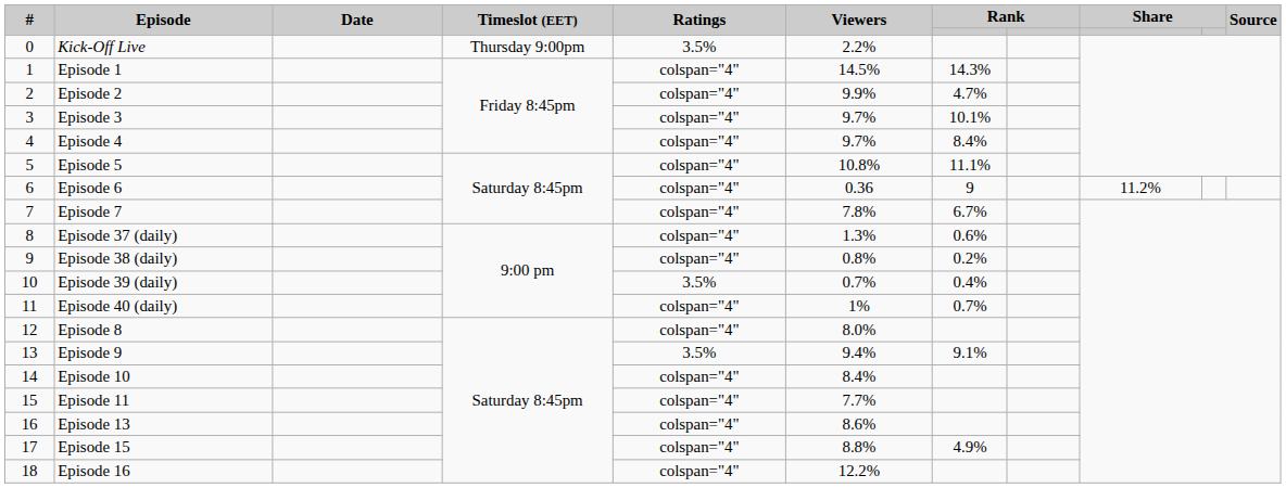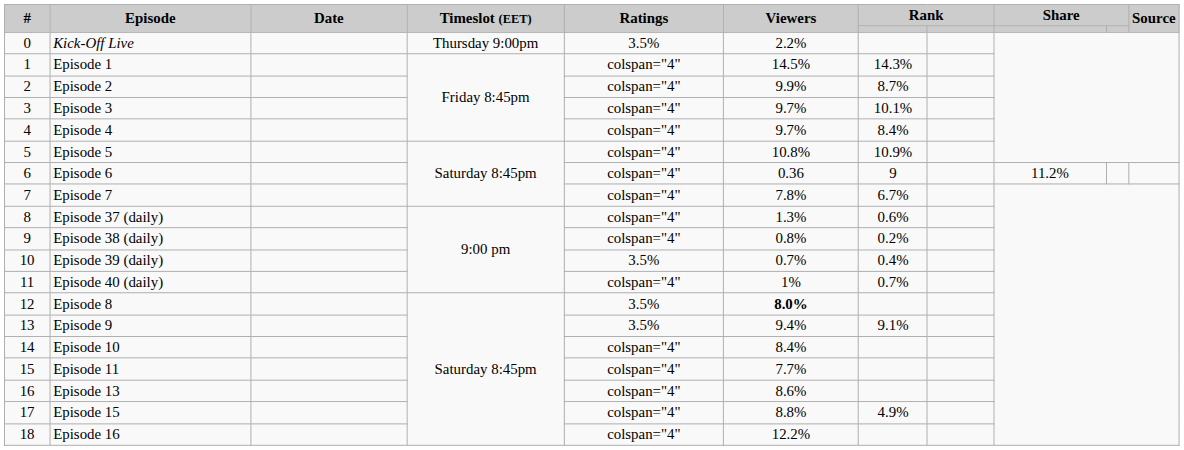 <table class="wikitable" style="text-align:center; background:#f9f9f9; line-height:16px;" width="100%">
 <tr>
 <th style="background:#ccc; color:#yyy;" rowspan="2" width="04%">#</th>
 <th style="background:#ccc; color:#yyy;" rowspan="2" width="18%">Episode</th>
 <th style="background:#ccc; color:#yyy;" rowspan="2" width="14%">Date</th>
 <th style="background:#ccc; color:#yyy;" rowspan="2" width="14%">Timeslot <small>(EET)</small></th>
 <th style="background:#ccc; color:#yyy;" rowspan="2" width="14%">Ratings</th>
 <th style="background:#ccc; color:#yyy;" rowspan="2" width="12%">Viewers<br><small></small></th>
 <th style="background:#ccc; color:#yyy;" colspan="2" width="12%">Rank</th>
 <th style="background:#ccc; color:#yyy;" colspan="2" width="20%">Share</th>
 <th style="background:#ccc; color:#yyy;" rowspan="2" width="05%">Source</th>
 </tr>
 <tr style="font-size:85%;">
 <th style="background:#ccc; color:#yyy;" width="06%"></th>
 <th style="background:#ccc; color:#yyy;" width="06%"></th>
 <th style="background:#ccc; color:#yyy;" width="10%"></th>
 <th style="background:#ccc; color:#yyy;" width="10%"></th>
 </tr>
 <tr>
 <td>0</td>
 <td style="text-align:left"><em>Kick-Off Live</em></td>
 <td></td>
 <td>Thursday 9:00pm</td>
 <td>3.5%</td>
 <td>2.2%</td>
 <td></td>
 <td></td>
 </tr>
 <tr>
 <td>1</td>
 <td style="text-align:left">Episode 1</td>
 <td></td>
 <td rowspan="4">Friday 8:45pm</td>
 <td>colspan="4" </td>
 <td>14.5%</td>
 <td>14.3%</td>
 <td></td>
 </tr>
 <tr>
 <td>2</td>
 <td style="text-align:left">Episode 2</td>
 <td></td>
 <td>colspan="4" </td>
 <td>9.9%</td>
-<td>4.7%</td>
+<td>8.7%</td>
 <td></td>
 </tr>
 <tr>
 <td>3</td>
 <td style="text-align:left">Episode 3</td>
 <td></td>
 <td>colspan="4" </td>
 <td>9.7%</td>
 <td>10.1%</td>
 <td></td>
 </tr>
 <tr>
 <td>4</td>
 <td style="text-align:left">Episode 4</td>
 <td></td>
 <td>colspan="4" </td>
 <td>9.7%</td>
 <td>8.4%</td>
 <td></td>
 </tr>
 <tr>
 <td>5</td>
 <td style="text-align:left">Episode 5</td>
 <td></td>
 <td rowspan="3">Saturday 8:45pm</td>
 <td>colspan="4" </td>
 <td>10.8%</td>
-<td>11.1%</td>
+<td>10.9%</td>
 <td></td>
 </tr>
 <tr>
 <td>6</td>
 <td style="text-align:left">Episode 6</td>
 <td></td>
 <td>colspan="4" </td>
 <td>0.36</td>
 <td>9</td>
 <td></td>
 <td>11.2%</td>
 <td></td>
 <td></td>
 </tr>
 <tr>
 <td>7</td>
 <td style="text-align:left">Episode 7</td>
 <td></td>
 <td>colspan="4" </td>
 <td>7.8%</td>
 <td>6.7%</td>
 <td></td>
 </tr>
 <tr>
 <td>8</td>
 <td style="text-align:left">Episode 37 (daily)</td>
 <td></td>
 <td rowspan="4">9:00 pm</td>
 <td>colspan="4" </td>
 <td>1.3%</td>
 <td>0.6%</td>
 <td></td>
 </tr>
 <tr>
 <td>9</td>
 <td style="text-align:left">Episode 38 (daily)</td>
 <td></td>
 <td>colspan="4" </td>
 <td>0.8%</td>
 <td>0.2%</td>
 <td></td>
 </tr>
 <tr>
 <td>10</td>
 <td style="text-align:left">Episode 39 (daily)</td>
 <td></td>
 <td>3.5%</td>
 <td>0.7%</td>
 <td>0.4%</td>
 <td></td>
 </tr>
 <tr>
 <td>11</td>
 <td style="text-align:left">Episode 40 (daily)</td>
 <td></td>
 <td>colspan="4" </td>
 <td>1%</td>
 <td>0.7%</td>
 <td></td>
 </tr>
 <tr>
 <td>12</td>
 <td style="text-align:left">Episode 8</td>
 <td></td>
 <td rowspan="7">Saturday 8:45pm</td>
-<td>colspan="4" </td>
-<td>8.0%</td>
+<td>3.5%</td>
+<td><strong>8.0%</strong></td>
 <td></td>
 <td></td>
 </tr>
 <tr>
 <td>13</td>
 <td style="text-align:left">Episode 9</td>
 <td></td>
 <td>3.5%</td>
 <td>9.4%</td>
 <td>9.1%</td>
 <td></td>
 </tr>
 <tr>
 <td>14</td>
 <td style="text-align:left">Episode 10</td>
 <td></td>
 <td>colspan="4" </td>
 <td>8.4%</td>
 <td></td>
 <td></td>
 </tr>
 <tr>
 <td>15</td>
 <td style="text-align:left">Episode 11</td>
 <td></td>
 <td>colspan="4" </td>
 <td>7.7%</td>
 <td></td>
 <td></td>
 </tr>
 <tr>
 <td>16</td>
 <td style="text-align:left">Episode 13</td>
 <td></td>
 <td>colspan="4" </td>
 <td>8.6%</td>
 <td></td>
 <td></td>
 </tr>
 <tr>
 <td>17</td>
 <td style="text-align:left">Episode 15</td>
 <td></td>
 <td>colspan="4" </td>
 <td>8.8%</td>
 <td>4.9%</td>
 <td></td>
 </tr>
 <tr>
 <td>18</td>
 <td style="text-align:left">Episode 16</td>
 <td></td>
 <td>colspan="4" </td>
 <td>12.2%</td>
 <td></td>
 <td></td>
 </tr>
 </table>
